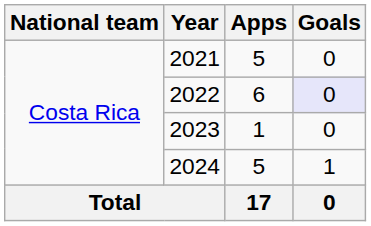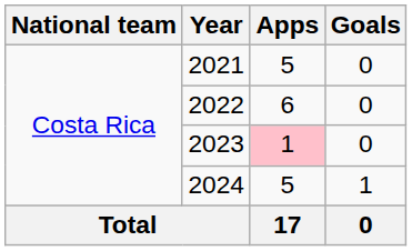 <table class="wikitable" style="text-align:center">
 <tr>
 <th>National team</th>
 <th>Year</th>
 <th>Apps</th>
 <th>Goals</th>
 </tr>
 <tr>
 <td rowspan="4"><a href='#'>Costa Rica</a></td>
 <td>2021</td>
 <td>5</td>
 <td>0</td>
 </tr>
 <tr>
 <td>2022</td>
 <td>6</td>
-<td style="background: lavender;">0</td>
+<td>0</td>
 </tr>
 <tr>
 <td>2023</td>
-<td>1</td>
+<td style="background: pink;">1</td>
 <td>0</td>
 </tr>
 <tr>
 <td>2024</td>
 <td>5</td>
 <td>1</td>
 </tr>
 <tr>
 <th colspan="2">Total</th>
 <th>17</th>
 <th>0</th>
 </tr>
 </table>
